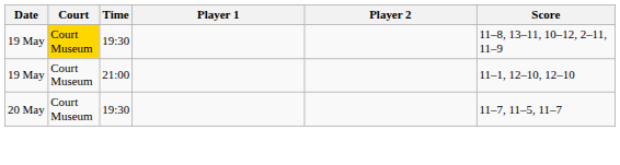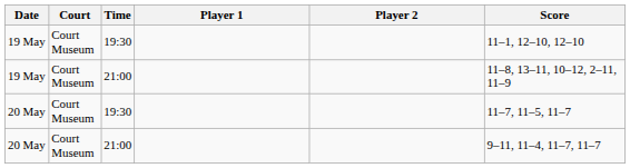 <table class="sortable wikitable" style="font-size:90%">
 <tr>
 <th width="45" class="unsortable">Date</th>
 <th width="55">Court</th>
 <th width="30">Time</th>
 <th width="200">Player 1</th>
 <th width="200">Player 2</th>
 <th width="160" class="unsortable">Score</th>
 </tr>
 <tr>
 <td>19 May</td>
-<td style="background: gold;">Court Museum</td>
+<td>Court Museum</td>
 <td>19:30</td>
 <td><strong></strong></td>
 <td></td>
-<td>11–8, 13–11, 10–12, 2–11, 11–9</td>
+<td>11–1, 12–10, 12–10</td>
 </tr>
 <tr>
 <td>19 May</td>
 <td>Court Museum</td>
 <td>21:00</td>
 <td></td>
 <td><strong></strong></td>
-<td>11–1, 12–10, 12–10</td>
+<td>11–8, 13–11, 10–12, 2–11, 11–9</td>
 </tr>
 <tr>
 <td>20 May</td>
 <td>Court Museum</td>
 <td>19:30</td>
 <td></td>
 <td><strong></strong></td>
 <td>11–7, 11–5, 11–7</td>
 </tr>
+<tr>
+<td>20 May</td>
+<td>Court Museum</td>
+<td>21:00</td>
+<td><strong></strong></td>
+<td></td>
+<td>9–11, 11–4, 11–7, 11–7</td>
+</tr>
 </table>
